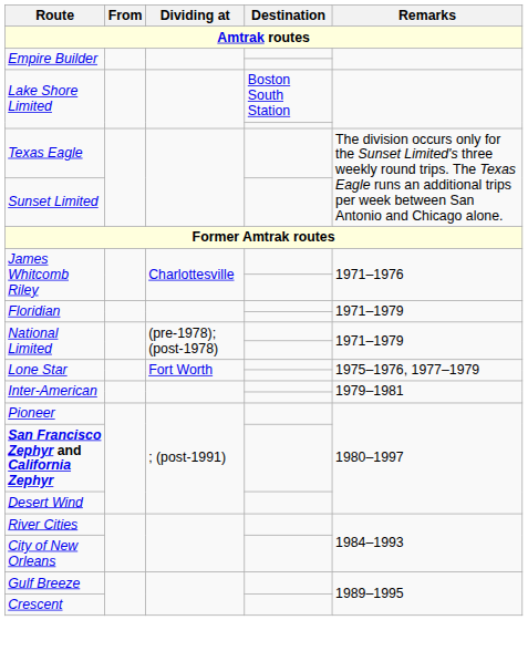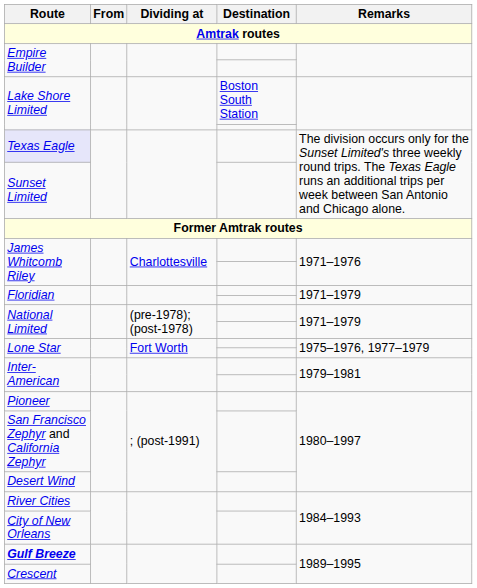 <table class="wikitable">
 <tr>
 <th scope="col">Route</th>
 <th scope="col">From</th>
 <th scope="col">Dividing at</th>
 <th scope="col">Destination</th>
 <th scope="col">Remarks</th>
 </tr>
 <tr>
 <th colspan=5 style="background:#ffffdd;"><a href='#'>Amtrak</a> routes</th>
 </tr>
 <tr>
 <td rowspan=2><em><a href='#'>Empire Builder</a></em></td>
 <td rowspan=2></td>
 <td rowspan=2></td>
 <td></td>
 <td rowspan=2></td>
 </tr>
 <tr>
 <td></td>
 </tr>
 <tr>
 <td rowspan=2><em><a href='#'>Lake Shore Limited</a></em></td>
 <td rowspan=2></td>
 <td rowspan=2></td>
 <td><a href='#'>Boston South Station</a></td>
 <td rowspan=2></td>
 </tr>
 <tr>
 <td></td>
 </tr>
 <tr>
-<td><em><a href='#'>Texas Eagle</a></em></td>
+<td style="background: lavender;"><em><a href='#'>Texas Eagle</a></em></td>
 <td rowspan=2></td>
 <td rowspan=2></td>
 <td></td>
 <td rowspan=2>The division occurs only for the <em>Sunset Limited's</em> three weekly round trips. The <em>Texas Eagle</em> runs an additional  trips per week between San Antonio and Chicago alone.</td>
 </tr>
 <tr>
 <td><em><a href='#'>Sunset Limited</a></em></td>
 <td></td>
 </tr>
 <tr>
 <th colspan=5  style="background:#ffffdd;">Former Amtrak routes</th>
 </tr>
 <tr>
 <td rowspan=2><em><a href='#'>James Whitcomb Riley</a></em></td>
 <td rowspan=2></td>
 <td rowspan=2><a href='#'>Charlottesville</a></td>
 <td></td>
 <td rowspan=2>1971–1976</td>
 </tr>
 <tr>
 <td></td>
 </tr>
 <tr>
 <td rowspan=2><em><a href='#'>Floridian</a></em></td>
 <td rowspan=2></td>
 <td rowspan=2></td>
 <td></td>
 <td rowspan=2>1971–1979</td>
 </tr>
 <tr>
 <td></td>
 </tr>
 <tr>
 <td rowspan=2><em><a href='#'>National Limited</a></em></td>
 <td rowspan=2></td>
 <td rowspan=2> (pre-1978);  (post-1978)</td>
 <td></td>
 <td rowspan=2>1971–1979</td>
 </tr>
 <tr>
 <td></td>
 </tr>
 <tr>
 <td rowspan=2><em><a href='#'>Lone Star</a></em></td>
 <td rowspan=2></td>
 <td rowspan=2><a href='#'>Fort Worth</a></td>
 <td></td>
 <td rowspan=2>1975–1976, 1977–1979</td>
 </tr>
 <tr>
 <td></td>
 </tr>
 <tr>
 <td rowspan=2><em><a href='#'>Inter-American</a></em></td>
 <td rowspan=2></td>
 <td rowspan=2></td>
 <td></td>
 <td rowspan=2>1979–1981</td>
 </tr>
 <tr>
 <td></td>
 </tr>
 <tr>
 <td><em><a href='#'>Pioneer</a></em></td>
 <td rowspan=3></td>
 <td rowspan=3>;  (post-1991)</td>
 <td></td>
 <td rowspan=3>1980–1997</td>
 </tr>
 <tr>
-<td><strong><em><a href='#'>San Francisco Zephyr</a></em> and <em><a href='#'>California Zephyr</a></em></strong></td>
+<td><em><a href='#'>San Francisco Zephyr</a></em> and <em><a href='#'>California Zephyr</a></em></td>
 <td></td>
 </tr>
 <tr>
 <td><em><a href='#'>Desert Wind</a></em></td>
 <td></td>
 </tr>
 <tr>
 <td><em><a href='#'>River Cities</a></em></td>
 <td rowspan=2></td>
 <td rowspan=2></td>
 <td></td>
 <td rowspan=2>1984–1993</td>
 </tr>
 <tr>
 <td><em><a href='#'>City of New Orleans</a></em></td>
 <td></td>
 </tr>
 <tr>
-<td><em><a href='#'>Gulf Breeze</a></em></td>
+<td><strong><em><a href='#'>Gulf Breeze</a></em></strong></td>
 <td rowspan=2></td>
 <td rowspan=2></td>
 <td></td>
 <td rowspan=2>1989–1995</td>
 </tr>
 <tr>
 <td><em><a href='#'>Crescent</a></em></td>
 <td></td>
 </tr>
 </table>
